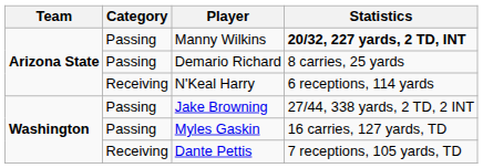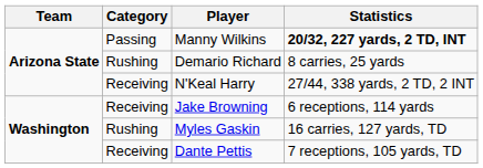 <table class="wikitable" style="float: right;">
 <tr>
 <th>Team</th>
 <th>Category</th>
 <th>Player</th>
 <th>Statistics</th>
 </tr>
 <tr>
 <td rowspan=3><strong>Arizona State</strong></td>
 <td>Passing</td>
 <td>Manny Wilkins</td>
 <td><strong>20/32, 227 yards, 2 TD, INT</strong></td>
 </tr>
 <tr>
-<td>Passing</td>
+<td>Rushing</td>
 <td>Demario Richard</td>
 <td>8 carries, 25 yards</td>
 </tr>
 <tr>
 <td>Receiving</td>
 <td>N'Keal Harry</td>
+<td>27/44, 338 yards, 2 TD, 2 INT</td>
+</tr>
+<tr>
+<td rowspan=3><strong>Washington</strong></td>
+<td>Receiving</td>
+<td><a href='#'>Jake Browning</a></td>
 <td>6 receptions, 114 yards</td>
 </tr>
 <tr>
-<td rowspan=3><strong>Washington</strong></td>
-<td>Passing</td>
-<td><a href='#'>Jake Browning</a></td>
-<td>27/44, 338 yards, 2 TD, 2 INT</td>
-</tr>
-<tr>
-<td>Passing</td>
+<td>Rushing</td>
 <td><a href='#'>Myles Gaskin</a></td>
 <td>16 carries, 127 yards, TD</td>
 </tr>
 <tr>
 <td>Receiving</td>
 <td><a href='#'>Dante Pettis</a></td>
 <td>7 receptions, 105 yards, TD</td>
 </tr>
 </table>
